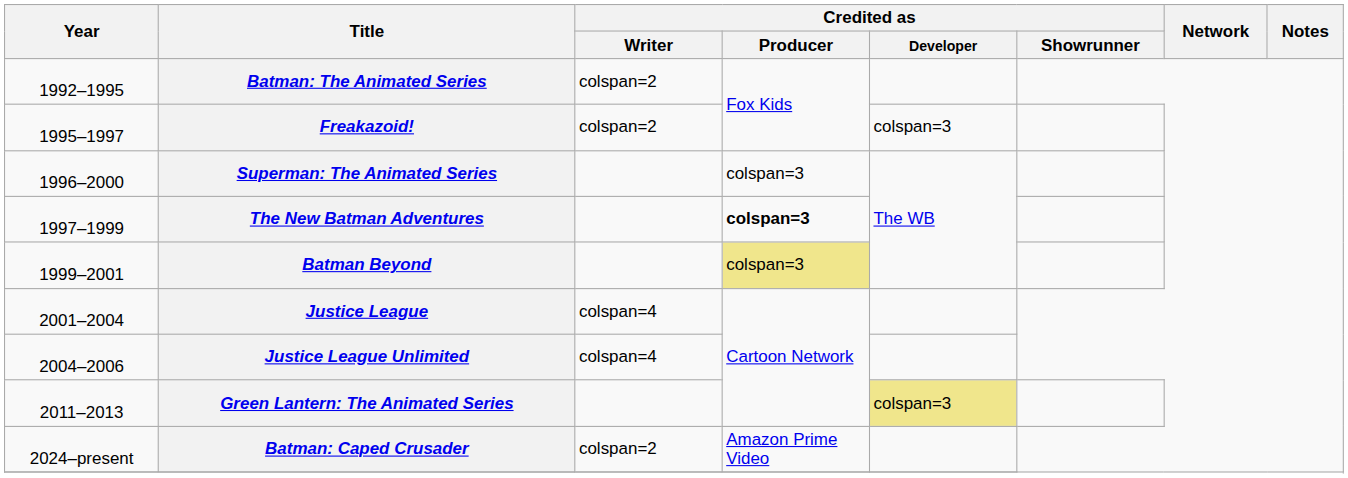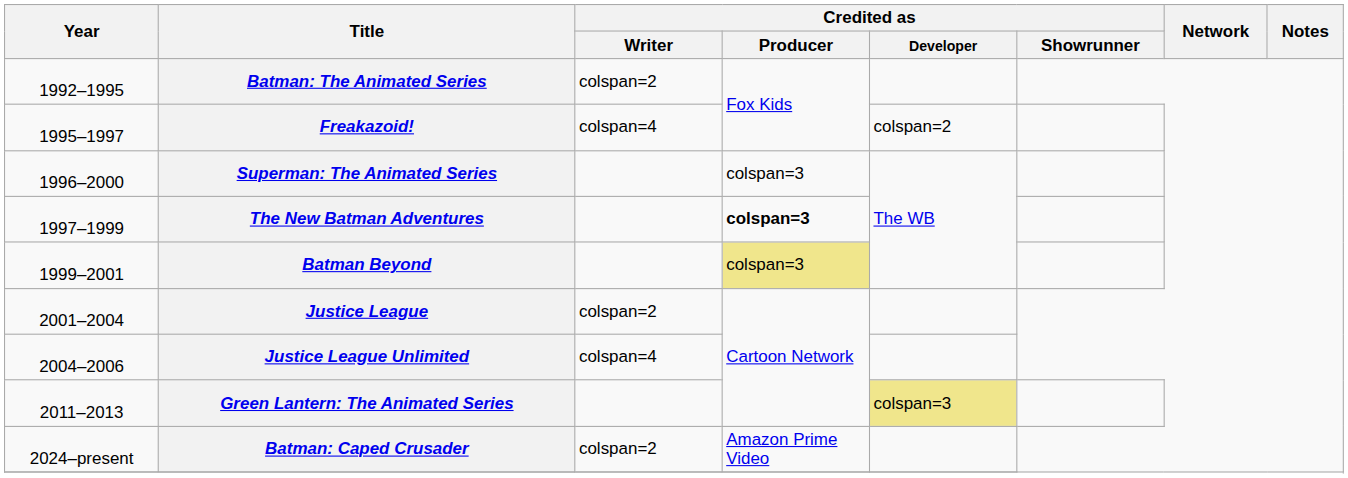 <table class="wikitable plainrowheaders" style="margin-right:auto; margin-right:auto; width:100%;" style="text-align:center;">
 <tr>
 <th rowspan="2">Year</th>
 <th rowspan="2">Title</th>
 <th colspan="4">Credited as</th>
 <th rowspan="2">Network</th>
 <th rowspan="2">Notes</th>
 </tr>
 <tr>
 <th width="11%">Writer</th>
 <th width="11%">Producer</th>
 <th width="11%"><small>Developer</small></th>
 <th width="11%">Showrunner</th>
 </tr>
 <tr>
 <td style="text-align:center;"><br>1992–1995</td>
 <th scope="row"><em><a href='#'>Batman: The Animated Series</a></em></th>
 <td>colspan=2 </td>
 <td rowspan="2"><a href='#'>Fox Kids</a></td>
 <td></td>
 </tr>
 <tr>
 <td style="text-align:center;"><br>1995–1997</td>
 <th scope="row"><em><a href='#'>Freakazoid!</a></em></th>
+<td>colspan=4 </td>
 <td>colspan=2 </td>
-<td>colspan=3 </td>
 <td></td>
 </tr>
 <tr>
 <td style="text-align:center;"><br>1996–2000</td>
 <th scope="row"><em><a href='#'>Superman: The Animated Series</a></em></th>
 <td></td>
 <td>colspan=3 </td>
 <td rowspan="3"><a href='#'>The WB</a></td>
 <td></td>
 </tr>
 <tr>
 <td style="text-align:center;"><br>1997–1999</td>
 <th scope="row"><em><a href='#'>The New Batman Adventures</a></em></th>
 <td></td>
 <td><strong>colspan=3 </strong></td>
 <td></td>
 </tr>
 <tr>
 <td style="text-align:center;"><br>1999–2001</td>
 <th scope="row"><em><a href='#'>Batman Beyond</a></em></th>
 <td></td>
 <td style="background: khaki;">colspan=3 </td>
 <td></td>
 </tr>
 <tr>
 <td style="text-align:center;"><br>2001–2004</td>
 <th scope="row"><em><a href='#'>Justice League</a></em></th>
-<td>colspan=4 </td>
+<td>colspan=2 </td>
 <td rowspan="3"><a href='#'>Cartoon Network</a></td>
 <td></td>
 </tr>
 <tr>
 <td style="text-align:center;"><br>2004–2006</td>
 <th scope="row"><em><a href='#'>Justice League Unlimited</a></em></th>
 <td>colspan=4 </td>
 <td></td>
 </tr>
 <tr>
 <td style="text-align:center;"><br>2011–2013</td>
 <th scope="row"><em><a href='#'>Green Lantern: The Animated Series</a></em></th>
 <td></td>
 <td style="background: khaki;">colspan=3 </td>
 <td></td>
 </tr>
 <tr>
 <td style="text-align:center;"><br>2024–present</td>
 <th scope="row"><em><a href='#'>Batman: Caped Crusader</a></em></th>
 <td>colspan=2 </td>
 <td><a href='#'>Amazon Prime Video</a></td>
 <td></td>
 </tr>
 <tr>
 </tr>
 </table>
